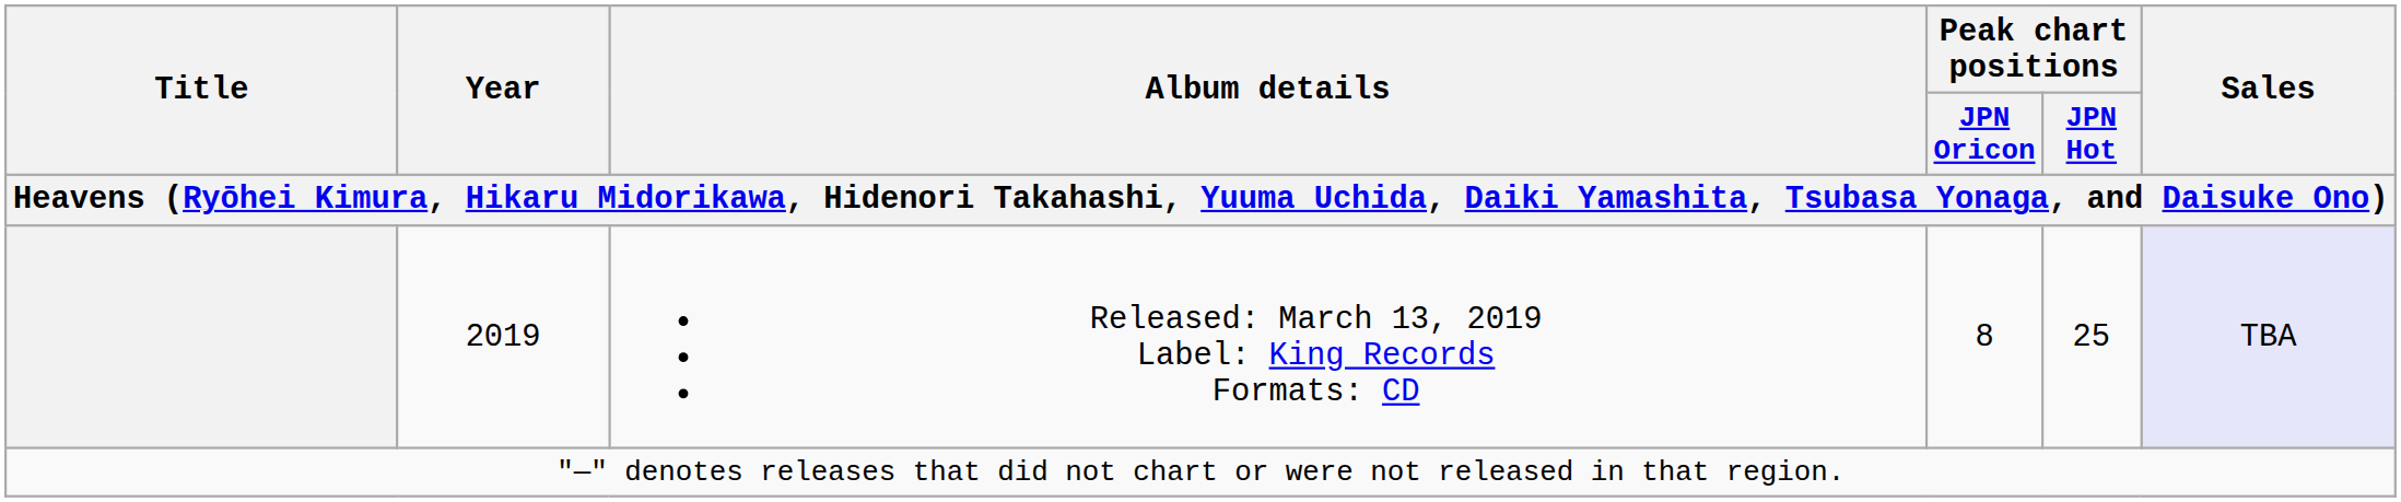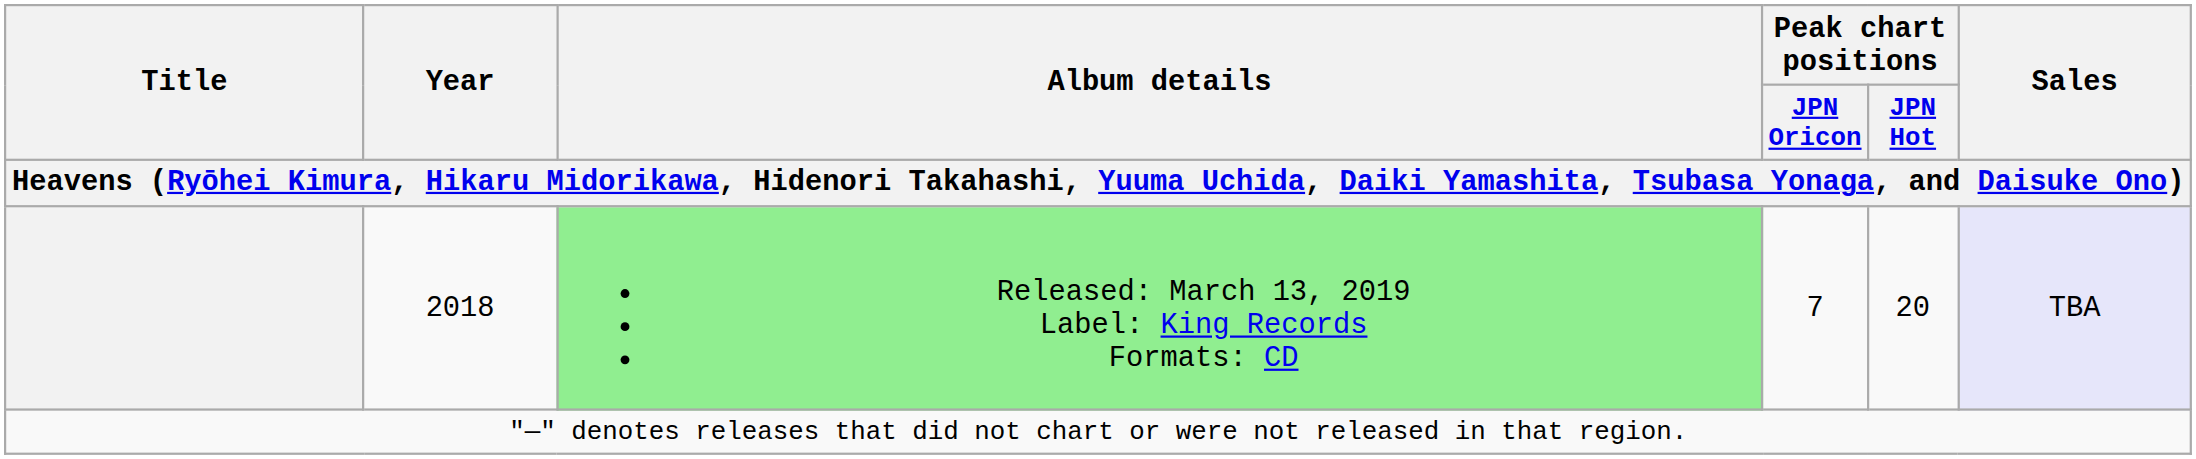 <table class="wikitable plainrowheaders" style="text-align:center;">
 <tr>
 <th scope="col" rowspan="2" style="width:12em;">Title</th>
 <th scope="col" rowspan="2">Year</th>
 <th scope="col" rowspan="2">Album details</th>
 <th scope="col" colspan="2">Peak chart positions</th>
 <th scope="col" rowspan="2">Sales</th>
 </tr>
 <tr>
 <th scope="col" style="width:3em;font-size:90%;"><a href='#'>JPN<br>Oricon</a></th>
 <th scope="col" style="width:3em;font-size:90%;"><a href='#'>JPN<br>Hot</a></th>
 </tr>
 <tr>
 <th scope="col" colspan="6">Heavens (<a href='#'>Ryōhei Kimura</a>, <a href='#'>Hikaru Midorikawa</a>, Hidenori Takahashi, <a href='#'>Yuuma Uchida</a>, <a href='#'>Daiki Yamashita</a>, <a href='#'>Tsubasa Yonaga</a>, and <a href='#'>Daisuke Ono</a>)</th>
 </tr>
 <tr>
 <th scope="row"></th>
-<td>2019</td>
-<td><br><ul><li>Released: March 13, 2019</li><li>Label: <a href='#'>King Records</a></li><li>Formats: <a href='#'>CD</a></li></ul></td>
-<td>8</td>
-<td>25</td>
+<td>2018</td>
+<td style="background: lightgreen;"><br><ul><li>Released: March 13, 2019</li><li>Label: <a href='#'>King Records</a></li><li>Formats: <a href='#'>CD</a></li></ul></td>
+<td>7</td>
+<td>20</td>
 <td style="background: lavender;">TBA</td>
 </tr>
 <tr>
 <td colspan="6" style="font-size:90%;">"—" denotes releases that did not chart or were not released in that region.</td>
 </tr>
 </table>
